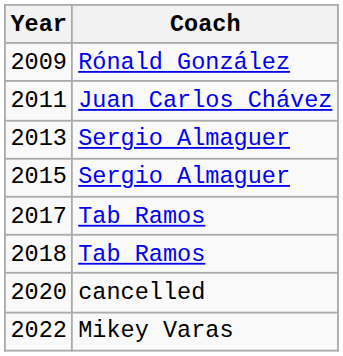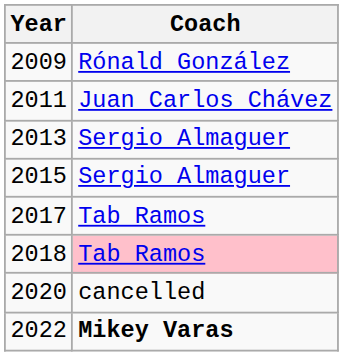 <table class="wikitable">
 <tr>
 <th>Year</th>
 <th>Coach</th>
 </tr>
 <tr>
 <td>2009</td>
 <td> <a href='#'>Rónald González</a></td>
 </tr>
 <tr>
 <td>2011</td>
 <td> <a href='#'>Juan Carlos Chávez</a></td>
 </tr>
 <tr>
 <td>2013</td>
 <td> <a href='#'>Sergio Almaguer</a></td>
 </tr>
 <tr>
 <td>2015</td>
 <td> <a href='#'>Sergio Almaguer</a></td>
 </tr>
 <tr>
 <td>2017</td>
 <td> <a href='#'>Tab Ramos</a></td>
 </tr>
 <tr>
 <td>2018</td>
-<td> <a href='#'>Tab Ramos</a></td>
+<td style="background: pink;"> <a href='#'>Tab Ramos</a></td>
 </tr>
 <tr>
 <td>2020</td>
 <td>cancelled</td>
 </tr>
 <tr>
 <td>2022</td>
-<td> Mikey Varas</td>
+<td><strong> Mikey Varas</strong></td>
 </tr>
 </table>
